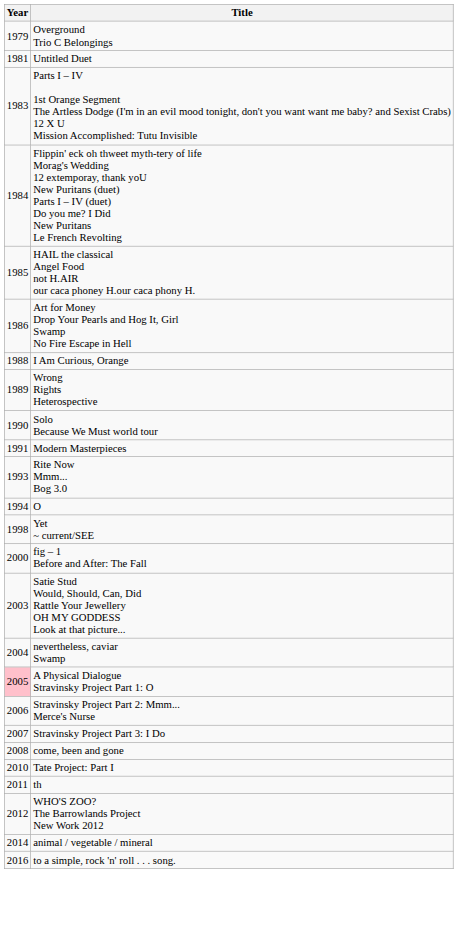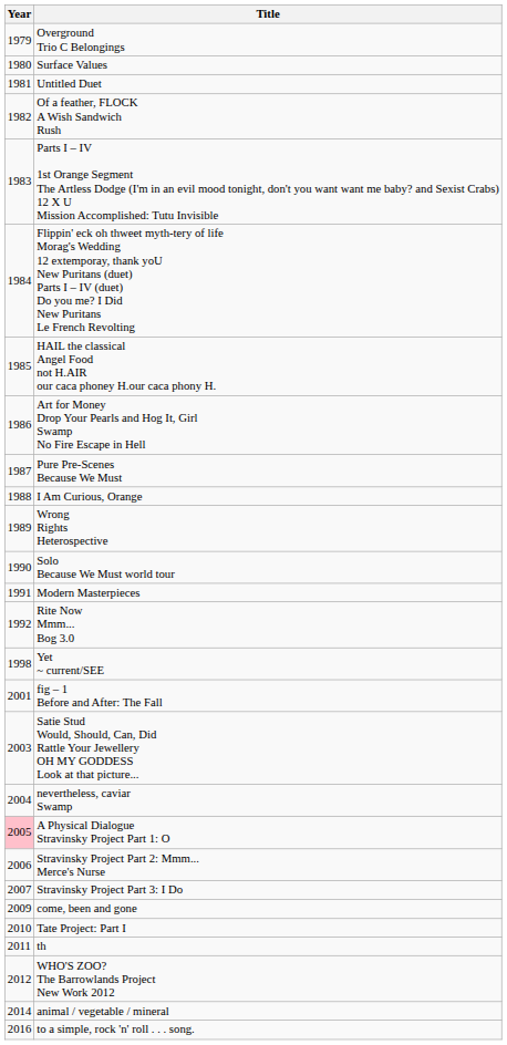 <table class="wikitable">
 <tr>
 <th>Year</th>
 <th>Title</th>
 </tr>
 <tr>
 <td>1979</td>
 <td>Overground<br>Trio C Belongings</td>
 </tr>
 <tr>
+<td>1980</td>
+<td>Surface Values</td>
+</tr>
+<tr>
 <td>1981</td>
 <td>Untitled Duet</td>
+</tr>
+<tr>
+<td>1982</td>
+<td>Of a feather, FLOCK<br>A Wish Sandwich<br>Rush</td>
 </tr>
 <tr>
 <td>1983</td>
 <td>Parts I – IV<br><br>1st Orange Segment<br>The Artless Dodge (I'm in an evil mood tonight, don't you want want me baby? and Sexist Crabs)<br>12 X U<br>Mission Accomplished: Tutu Invisible</td>
 </tr>
 <tr>
 <td>1984</td>
 <td>Flippin' eck oh thweet myth-tery of life<br>Morag's Wedding<br>12 extemporay, thank yoU<br>New Puritans (duet)<br>Parts I – IV (duet)<br>Do you me? I Did<br>New Puritans<br>Le French Revolting</td>
 </tr>
 <tr>
 <td>1985</td>
 <td>HAIL the classical<br>Angel Food<br>not H.AIR<br>our caca phoney H.our caca phony H.</td>
 </tr>
 <tr>
 <td>1986</td>
 <td>Art for Money<br>Drop Your Pearls and Hog It, Girl<br>Swamp<br>No Fire Escape in Hell</td>
 </tr>
 <tr>
+<td>1987</td>
+<td>Pure Pre-Scenes<br>Because We Must</td>
+</tr>
+<tr>
 <td>1988</td>
 <td>I Am Curious, Orange</td>
 </tr>
 <tr>
 <td>1989</td>
 <td>Wrong<br>Rights<br>Heterospective</td>
 </tr>
 <tr>
 <td>1990</td>
 <td>Solo<br>Because We Must world tour</td>
 </tr>
 <tr>
 <td>1991</td>
 <td>Modern Masterpieces</td>
 </tr>
 <tr>
-<td>1993</td>
+<td>1992</td>
 <td>Rite Now<br>Mmm...<br>Bog 3.0</td>
-</tr>
-<tr>
-<td>1994</td>
-<td>O</td>
 </tr>
 <tr>
 <td>1998</td>
 <td>Yet<br>~ current/SEE</td>
 </tr>
 <tr>
-<td>2000</td>
+<td>2001</td>
 <td>fig – 1<br>Before and After: The Fall</td>
 </tr>
 <tr>
 <td>2003</td>
 <td>Satie Stud<br>Would, Should, Can, Did<br>Rattle Your Jewellery<br>OH MY GODDESS<br>Look at that picture...</td>
 </tr>
 <tr>
 <td>2004</td>
 <td>nevertheless, caviar<br>Swamp</td>
 </tr>
 <tr>
 <td style="background: pink;">2005</td>
 <td>A Physical Dialogue<br>Stravinsky Project Part 1: O</td>
 </tr>
 <tr>
 <td>2006</td>
 <td>Stravinsky Project Part 2: Mmm...<br>Merce's Nurse</td>
 </tr>
 <tr>
 <td>2007</td>
 <td>Stravinsky Project Part 3: I Do</td>
 </tr>
 <tr>
-<td>2008</td>
+<td>2009</td>
 <td>come, been and gone</td>
 </tr>
 <tr>
 <td>2010</td>
 <td>Tate Project: Part I</td>
 </tr>
 <tr>
 <td>2011</td>
 <td>th</td>
 </tr>
 <tr>
 <td>2012</td>
 <td>WHO'S ZOO?<br>The Barrowlands Project<br>New Work 2012</td>
 </tr>
 <tr>
 <td>2014</td>
 <td>animal / vegetable / mineral</td>
 </tr>
 <tr>
 <td>2016</td>
 <td>to a simple, rock 'n' roll . . . song.</td>
 </tr>
 </table>
